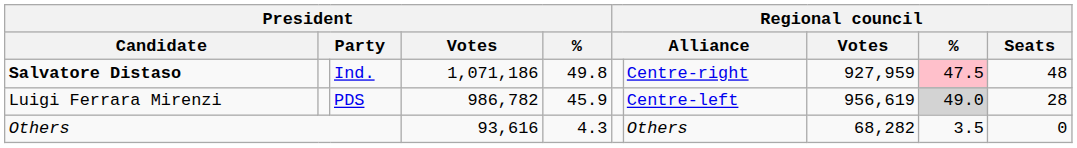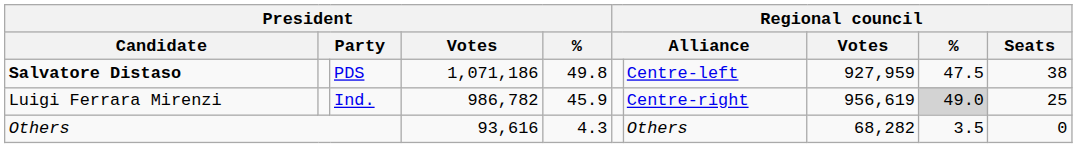 <table class="wikitable" style="text-align:right; style="width=65%">
 <tr>
 <th colspan="5">President</th>
 <th colspan="7">Regional council</th>
 </tr>
 <tr>
 <th>Candidate</th>
 <th colspan="2">Party</th>
 <th>Votes</th>
 <th>%</th>
 <th colspan="2">Alliance</th>
 <th>Votes</th>
 <th>%</th>
 <th>Seats</th>
 </tr>
 <tr>
 <td style="text-align:left"><strong>Salvatore Distaso</strong></td>
 <td></td>
-<td style="text-align:left"><a href='#'>Ind.</a></td>
+<td style="text-align:left"><a href='#'>PDS</a></td>
 <td>1,071,186</td>
 <td>49.8</td>
 <td></td>
-<td style="text-align:left"><a href='#'>Centre-right</a></td>
+<td style="text-align:left"><a href='#'>Centre-left</a></td>
 <td>927,959</td>
-<td style="background: pink;">47.5</td>
-<td>48</td>
+<td>47.5</td>
+<td>38</td>
 </tr>
 <tr>
 <td style="text-align:left">Luigi Ferrara Mirenzi</td>
 <td></td>
-<td style="text-align:left"><a href='#'>PDS</a></td>
+<td style="text-align:left"><a href='#'>Ind.</a></td>
 <td>986,782</td>
 <td>45.9</td>
 <td></td>
-<td style="text-align:left"><a href='#'>Centre-left</a></td>
+<td style="text-align:left"><a href='#'>Centre-right</a></td>
 <td>956,619</td>
 <td style="background: lightgrey;">49.0</td>
-<td>28</td>
+<td>25</td>
 </tr>
 <tr>
 <td colspan="3" style="text-align:left"><em>Others</em></td>
 <td>93,616</td>
 <td>4.3</td>
 <td></td>
 <td style="text-align:left"><em>Others</em></td>
 <td>68,282</td>
 <td>3.5</td>
 <td>0</td>
 </tr>
 </table>
